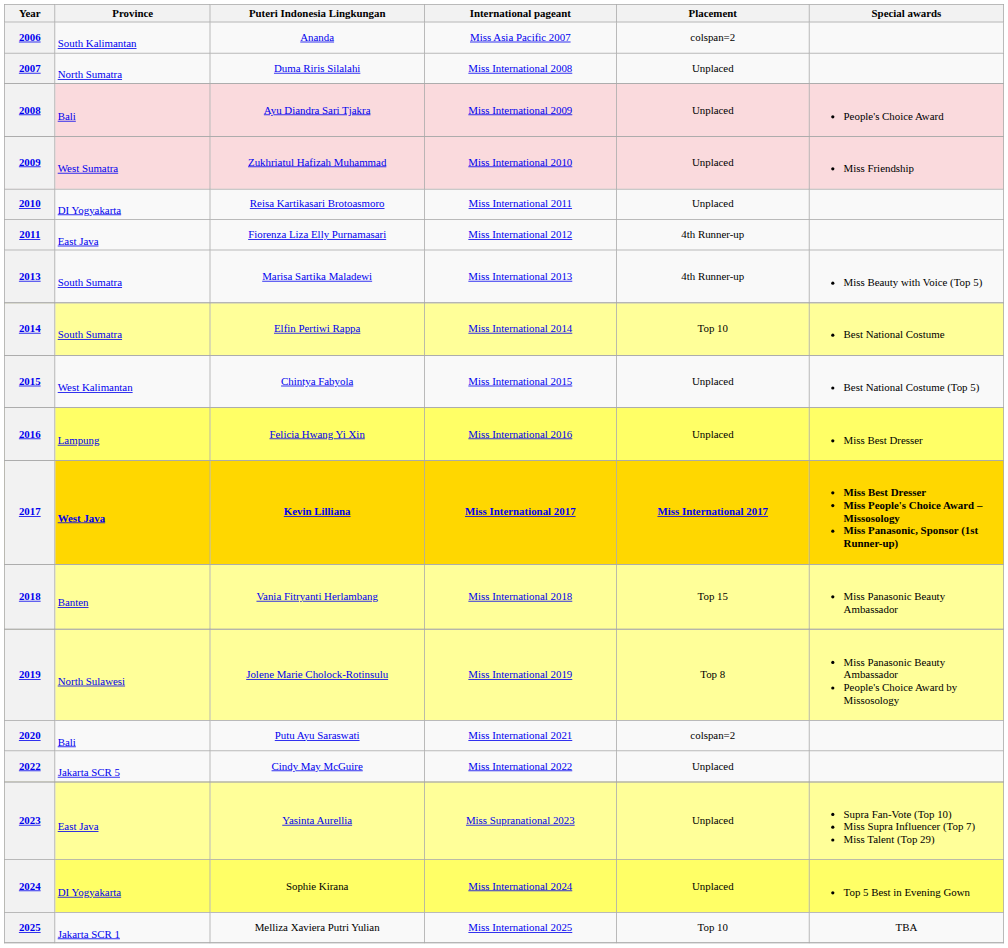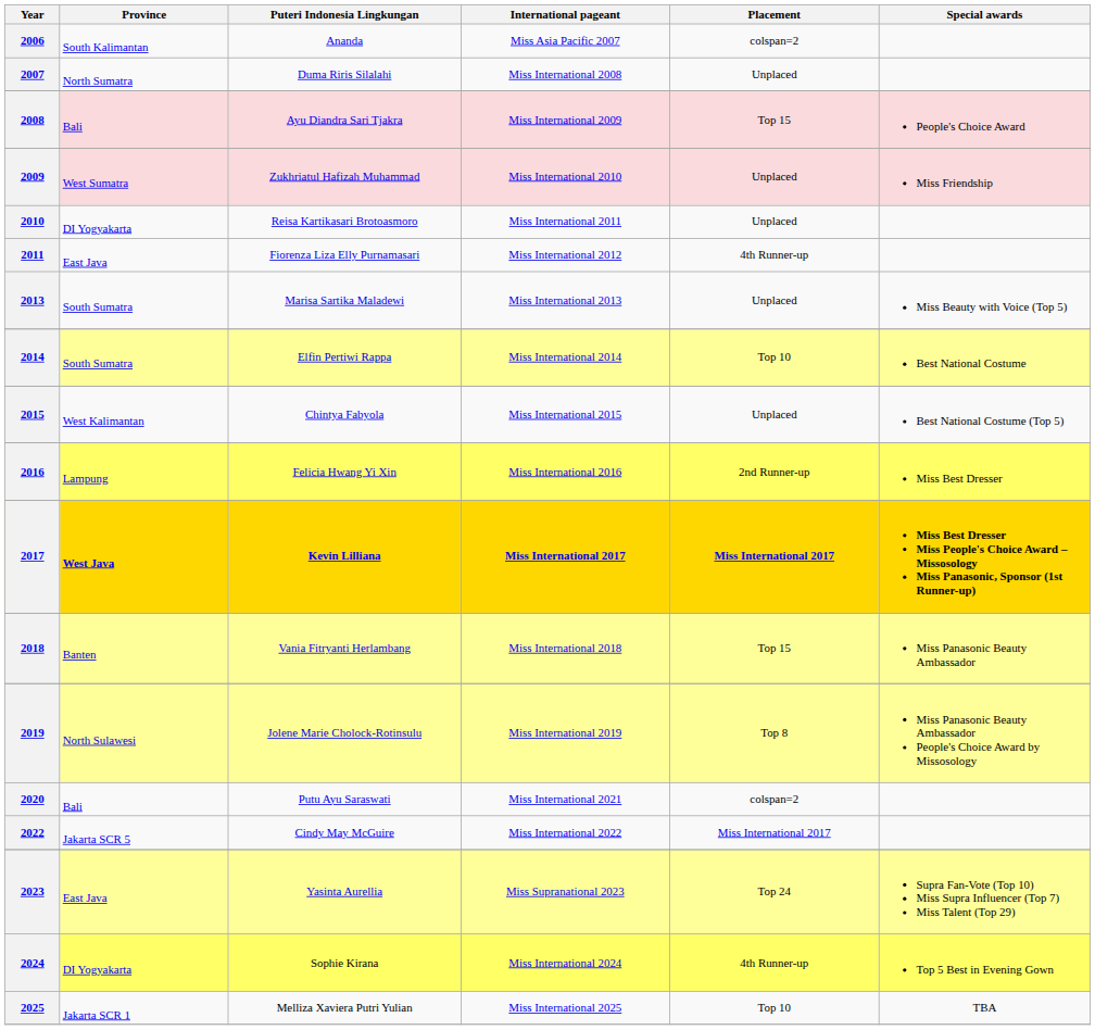 <table class="wikitable" style="font-size: 85%; text-align:center">
 <tr colspan=10 align="center">
 <th width="60">Year</th>
 <th width="200">Province</th>
 <th width="280">Puteri Indonesia Lingkungan</th>
 <th width="250">International pageant</th>
 <th width="250">Placement</th>
 <th width="250">Special awards</th>
 </tr>
 <tr>
 <th><a href='#'>2006</a></th>
 <td align="left"><br><a href='#'>South Kalimantan</a></td>
 <td><a href='#'>Ananda</a></td>
 <td><a href='#'>Miss Asia Pacific 2007</a></td>
 <td>colspan=2 </td>
 </tr>
 <tr>
 <th><a href='#'>2007</a></th>
 <td align="left"><br><a href='#'>North Sumatra</a></td>
 <td><a href='#'>Duma Riris Silalahi</a></td>
 <td><a href='#'>Miss International 2008</a></td>
 <td>Unplaced</td>
 <td></td>
 </tr>
 <tr>
 </tr>
 <tr style="background-color:#FADADD; ">
 <th><a href='#'>2008</a></th>
 <td align="left"><br><a href='#'>Bali</a></td>
 <td><a href='#'>Ayu Diandra Sari Tjakra</a></td>
 <td><a href='#'>Miss International 2009</a></td>
-<td>Unplaced</td>
+<td>Top 15</td>
 <td align="left"><br><ul><li>People's Choice Award</li></ul></td>
 </tr>
 <tr>
 </tr>
 <tr style="background-color:#FADADD; ">
 <th><a href='#'>2009</a></th>
 <td align="left"><br><a href='#'>West Sumatra</a></td>
 <td><a href='#'>Zukhriatul Hafizah Muhammad</a></td>
 <td><a href='#'>Miss International 2010</a></td>
 <td>Unplaced</td>
 <td align="left"><br><ul><li>Miss Friendship</li></ul></td>
 </tr>
 <tr>
 <th><a href='#'>2010</a></th>
 <td align="left"><br><a href='#'>DI Yogyakarta</a></td>
 <td><a href='#'>Reisa Kartikasari Brotoasmoro</a></td>
 <td><a href='#'>Miss International 2011</a></td>
 <td>Unplaced</td>
 <td></td>
 </tr>
 <tr>
 <th><a href='#'>2011</a></th>
 <td align="left"><br><a href='#'>East Java</a></td>
 <td><a href='#'>Fiorenza Liza Elly Purnamasari</a></td>
 <td><a href='#'>Miss International 2012</a></td>
 <td>4th Runner-up</td>
 <td></td>
 </tr>
 <tr>
 <th><a href='#'>2013</a></th>
 <td align="left"><br><a href='#'>South Sumatra</a></td>
 <td><a href='#'>Marisa Sartika Maladewi</a></td>
 <td><a href='#'>Miss International 2013</a></td>
-<td>4th Runner-up</td>
+<td>Unplaced</td>
 <td align="left"><br><ul><li>Miss Beauty with Voice (Top 5)</li></ul></td>
 </tr>
 <tr>
 </tr>
 <tr style="background-color:#FFFF99; ">
 <th><a href='#'>2014</a></th>
 <td align="left"><br><a href='#'>South Sumatra</a></td>
 <td><a href='#'>Elfin Pertiwi Rappa</a></td>
 <td><a href='#'>Miss International 2014</a></td>
 <td>Top 10</td>
 <td align="left"><br><ul><li>Best National Costume</li></ul></td>
 </tr>
 <tr>
 </tr>
 <tr>
 <th><a href='#'>2015</a></th>
 <td align="left"><br><a href='#'>West Kalimantan</a></td>
 <td><a href='#'>Chintya Fabyola</a></td>
 <td><a href='#'>Miss International 2015</a></td>
 <td>Unplaced</td>
 <td align="left"><br><ul><li>Best National Costume (Top 5)</li></ul></td>
 </tr>
 <tr>
 </tr>
 <tr style="background-color:#FFFF66">
 <th><a href='#'>2016</a></th>
 <td align="left"><br><a href='#'>Lampung</a></td>
 <td><a href='#'>Felicia Hwang Yi Xin</a></td>
 <td><a href='#'>Miss International 2016</a></td>
-<td>Unplaced</td>
+<td>2nd Runner-up</td>
 <td align="left"><br><ul><li>Miss Best Dresser</li></ul></td>
 </tr>
 <tr>
 </tr>
 <tr style="background-color:gold; font-weight: bold ">
 <th><a href='#'>2017</a></th>
 <td align="left"><br><a href='#'>West Java</a></td>
 <td><a href='#'>Kevin Lilliana</a></td>
 <td><a href='#'>Miss International 2017</a></td>
 <td><a href='#'>Miss International 2017</a></td>
 <td align="left"><br><ul><li>Miss Best Dresser</li><li>Miss People's Choice Award – Missosology</li><li>Miss Panasonic, Sponsor (1st Runner-up)</li></ul></td>
 </tr>
 <tr>
 </tr>
 <tr style="background-color:#FFFF99; ">
 <th><a href='#'>2018</a></th>
 <td align="left"><br><a href='#'>Banten</a></td>
 <td><a href='#'>Vania Fitryanti Herlambang</a></td>
 <td><a href='#'>Miss International 2018</a></td>
 <td>Top 15</td>
 <td align="left"><br><ul><li>Miss Panasonic Beauty Ambassador</li></ul></td>
 </tr>
 <tr>
 </tr>
 <tr style="background-color:#FFFF99; ">
 <th><a href='#'>2019</a></th>
 <td align="left"><br><a href='#'>North Sulawesi</a></td>
 <td><a href='#'>Jolene Marie Cholock-Rotinsulu</a></td>
 <td><a href='#'>Miss International 2019</a></td>
 <td>Top 8</td>
 <td align="left"><br><ul><li>Miss Panasonic Beauty Ambassador</li><li>People's Choice Award by Missosology</li></ul></td>
 </tr>
 <tr>
 <th><a href='#'>2020</a></th>
 <td align="left"><br><a href='#'>Bali</a></td>
 <td><a href='#'>Putu Ayu Saraswati</a></td>
 <td><a href='#'>Miss International 2021</a></td>
 <td>colspan=2 </td>
 </tr>
 <tr>
 <th><a href='#'>2022</a></th>
 <td align="left"><br><a href='#'>Jakarta SCR 5</a></td>
 <td><a href='#'>Cindy May McGuire</a></td>
 <td><a href='#'>Miss International 2022</a></td>
-<td>Unplaced</td>
+<td><a href='#'>Miss International 2017</a></td>
 <td></td>
 </tr>
 <tr>
 </tr>
 <tr style="background-color:#FFFF99; ">
 <th><a href='#'>2023</a></th>
 <td align="left"><br><a href='#'>East Java</a></td>
 <td><a href='#'>Yasinta Aurellia</a></td>
 <td><a href='#'>Miss Supranational 2023</a></td>
-<td>Unplaced</td>
+<td>Top 24</td>
 <td align="left"><br><ul><li>Supra Fan-Vote (Top 10)</li><li>Miss Supra Influencer (Top 7)</li><li>Miss Talent (Top 29)</li></ul></td>
 </tr>
 <tr style="background-color:#FFFF66">
 <th><a href='#'>2024</a></th>
 <td align="left"><br><a href='#'>DI Yogyakarta</a></td>
 <td>Sophie Kirana</td>
 <td><a href='#'>Miss International 2024</a></td>
-<td>Unplaced</td>
+<td>4th Runner-up</td>
 <td align="left"><br><ul><li>Top 5 Best in Evening Gown</li></ul></td>
 </tr>
 <tr>
 <th><a href='#'>2025</a></th>
 <td align="left"><br><a href='#'>Jakarta SCR 1</a></td>
 <td>Melliza Xaviera Putri Yulian</td>
 <td><a href='#'>Miss International 2025</a></td>
 <td>Top 10</td>
 <td>TBA</td>
 </tr>
 <tr>
 </tr>
 </table>
